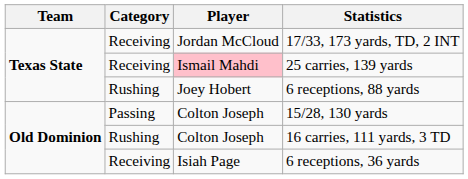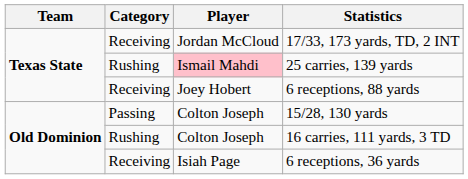 <table class="wikitable" style="float: right;">
 <tr>
 <th>Team</th>
 <th>Category</th>
 <th>Player</th>
 <th>Statistics</th>
 </tr>
 <tr>
 <td rowspan=3><strong>Texas State</strong></td>
 <td>Receiving</td>
 <td>Jordan McCloud</td>
 <td>17/33, 173 yards, TD, 2 INT</td>
 </tr>
 <tr>
-<td>Receiving</td>
+<td>Rushing</td>
 <td style="background: pink;">Ismail Mahdi</td>
 <td>25 carries, 139 yards</td>
 </tr>
 <tr>
-<td>Rushing</td>
+<td>Receiving</td>
 <td>Joey Hobert</td>
 <td>6 receptions, 88 yards</td>
 </tr>
 <tr>
 <td rowspan=3><strong>Old Dominion</strong></td>
 <td>Passing</td>
 <td>Colton Joseph</td>
 <td>15/28, 130 yards</td>
 </tr>
 <tr>
 <td>Rushing</td>
 <td>Colton Joseph</td>
 <td>16 carries, 111 yards, 3 TD</td>
 </tr>
 <tr>
 <td>Receiving</td>
 <td>Isiah Page</td>
 <td>6 receptions, 36 yards</td>
 </tr>
 </table>
